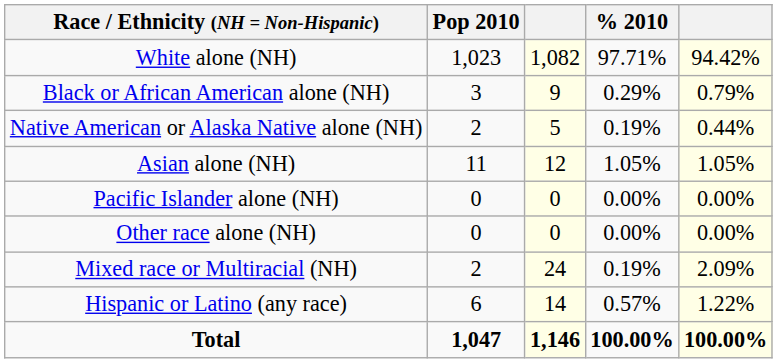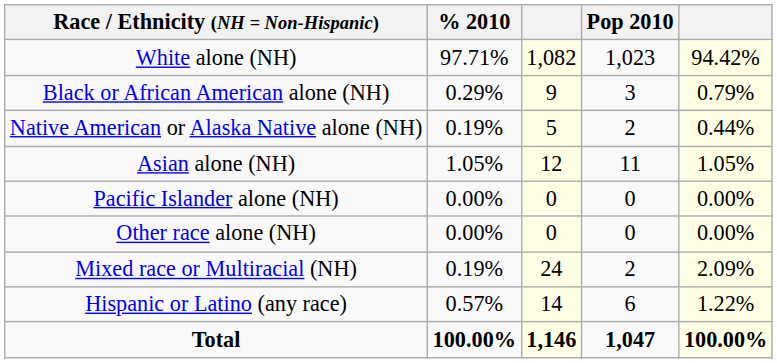 <table class="wikitable" style="text-align:center;">
 <tr>
 <th>Race / Ethnicity <small>(<em>NH = Non-Hispanic</em>)</small></th>
+<th>% 2010</th>
+<th></th>
 <th>Pop 2010</th>
-<th></th>
-<th>% 2010</th>
 <th></th>
 </tr>
 <tr>
 <td><a href='#'>White</a> alone (NH)</td>
+<td>97.71%</td>
+<td style='background: #ffffe6;'>1,082</td>
 <td>1,023</td>
-<td style='background: #ffffe6;'>1,082</td>
-<td>97.71%</td>
 <td style='background: #ffffe6;'>94.42%</td>
 </tr>
 <tr>
 <td><a href='#'>Black or African American</a> alone (NH)</td>
+<td>0.29%</td>
+<td style='background: #ffffe6;'>9</td>
 <td>3</td>
-<td style='background: #ffffe6;'>9</td>
-<td>0.29%</td>
 <td style='background: #ffffe6;'>0.79%</td>
 </tr>
 <tr>
 <td><a href='#'>Native American</a> or <a href='#'>Alaska Native</a> alone (NH)</td>
+<td>0.19%</td>
+<td style='background: #ffffe6;'>5</td>
 <td>2</td>
-<td style='background: #ffffe6;'>5</td>
-<td>0.19%</td>
 <td style='background: #ffffe6;'>0.44%</td>
 </tr>
 <tr>
 <td><a href='#'>Asian</a> alone (NH)</td>
+<td>1.05%</td>
+<td style='background: #ffffe6;'>12</td>
 <td>11</td>
-<td style='background: #ffffe6;'>12</td>
-<td>1.05%</td>
 <td style='background: #ffffe6;'>1.05%</td>
 </tr>
 <tr>
 <td><a href='#'>Pacific Islander</a> alone (NH)</td>
+<td>0.00%</td>
+<td style='background: #ffffe6;'>0</td>
 <td>0</td>
-<td style='background: #ffffe6;'>0</td>
-<td>0.00%</td>
 <td style='background: #ffffe6;'>0.00%</td>
 </tr>
 <tr>
 <td><a href='#'>Other race</a> alone (NH)</td>
+<td>0.00%</td>
+<td style='background: #ffffe6;'>0</td>
 <td>0</td>
-<td style='background: #ffffe6;'>0</td>
-<td>0.00%</td>
 <td style='background: #ffffe6;'>0.00%</td>
 </tr>
 <tr>
 <td><a href='#'>Mixed race or Multiracial</a> (NH)</td>
+<td>0.19%</td>
+<td style='background: #ffffe6;'>24</td>
 <td>2</td>
-<td style='background: #ffffe6;'>24</td>
-<td>0.19%</td>
 <td style='background: #ffffe6;'>2.09%</td>
 </tr>
 <tr>
 <td><a href='#'>Hispanic or Latino</a> (any race)</td>
+<td>0.57%</td>
+<td style='background: #ffffe6;'>14</td>
 <td>6</td>
-<td style='background: #ffffe6;'>14</td>
-<td>0.57%</td>
 <td style='background: #ffffe6;'>1.22%</td>
 </tr>
 <tr>
 <td><strong>Total</strong></td>
+<td><strong>100.00%</strong></td>
+<td style='background: #ffffe6;'><strong>1,146</strong></td>
 <td><strong>1,047</strong></td>
-<td style='background: #ffffe6;'><strong>1,146</strong></td>
-<td><strong>100.00%</strong></td>
 <td style='background: #ffffe6;'><strong>100.00%</strong></td>
 </tr>
 </table>
